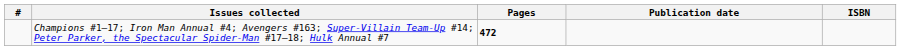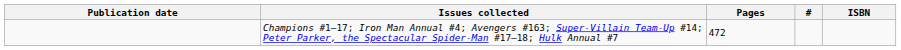 <table class="wikitable sortable" width=98%>
 <tr>
-<th class="unsortable">#</th>
+<th>Publication date</th>
 <th class="unsortable" width="50%">Issues collected</th>
 <th>Pages</th>
-<th>Publication date</th>
+<th class="unsortable">#</th>
 <th class="unsortable">ISBN</th>
 </tr>
 <tr>
 <td></td>
 <td><em>Champions</em> #1–17; <em>Iron Man Annual</em> #4; <em>Avengers</em> #163; <em><a href='#'>Super-Villain Team-Up</a></em> #14; <em><a href='#'>Peter Parker, the Spectacular Spider-Man</a></em> #17–18; <em><a href='#'>Hulk</a> Annual</em> #7</td>
-<td><strong>472</strong></td>
+<td>472</td>
 <td></td>
 <td></td>
 </tr>
 </table>
